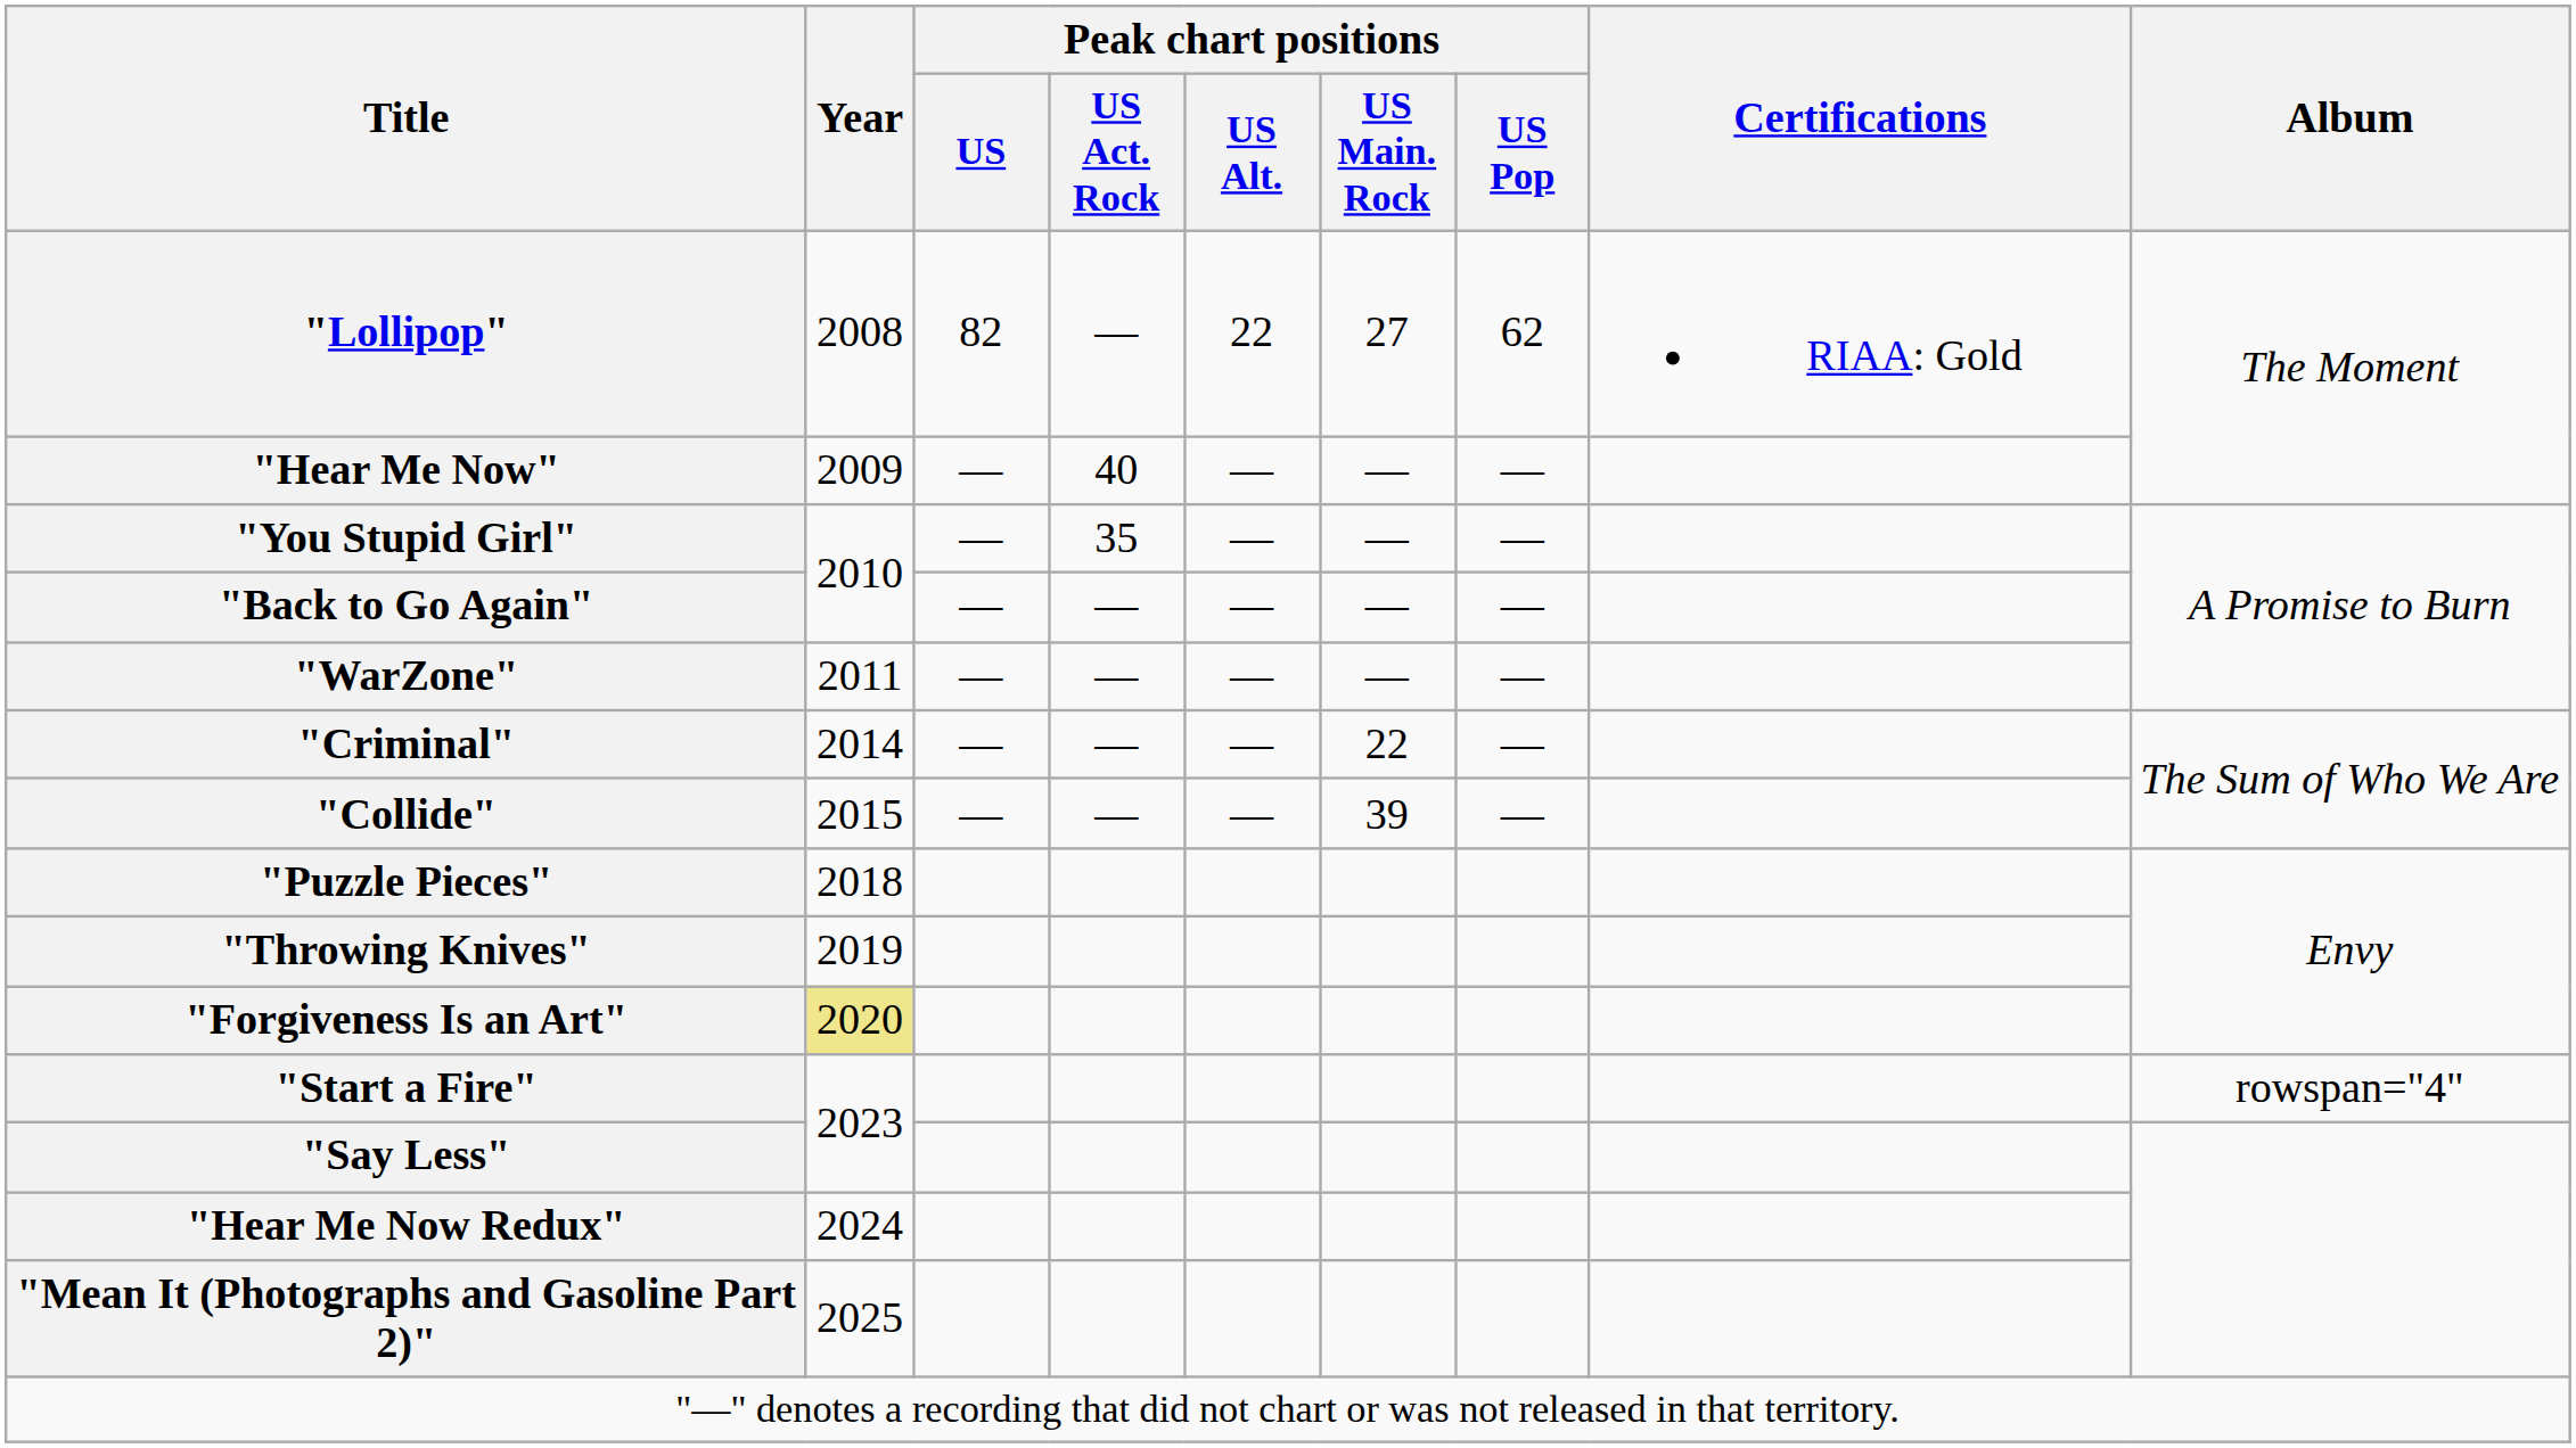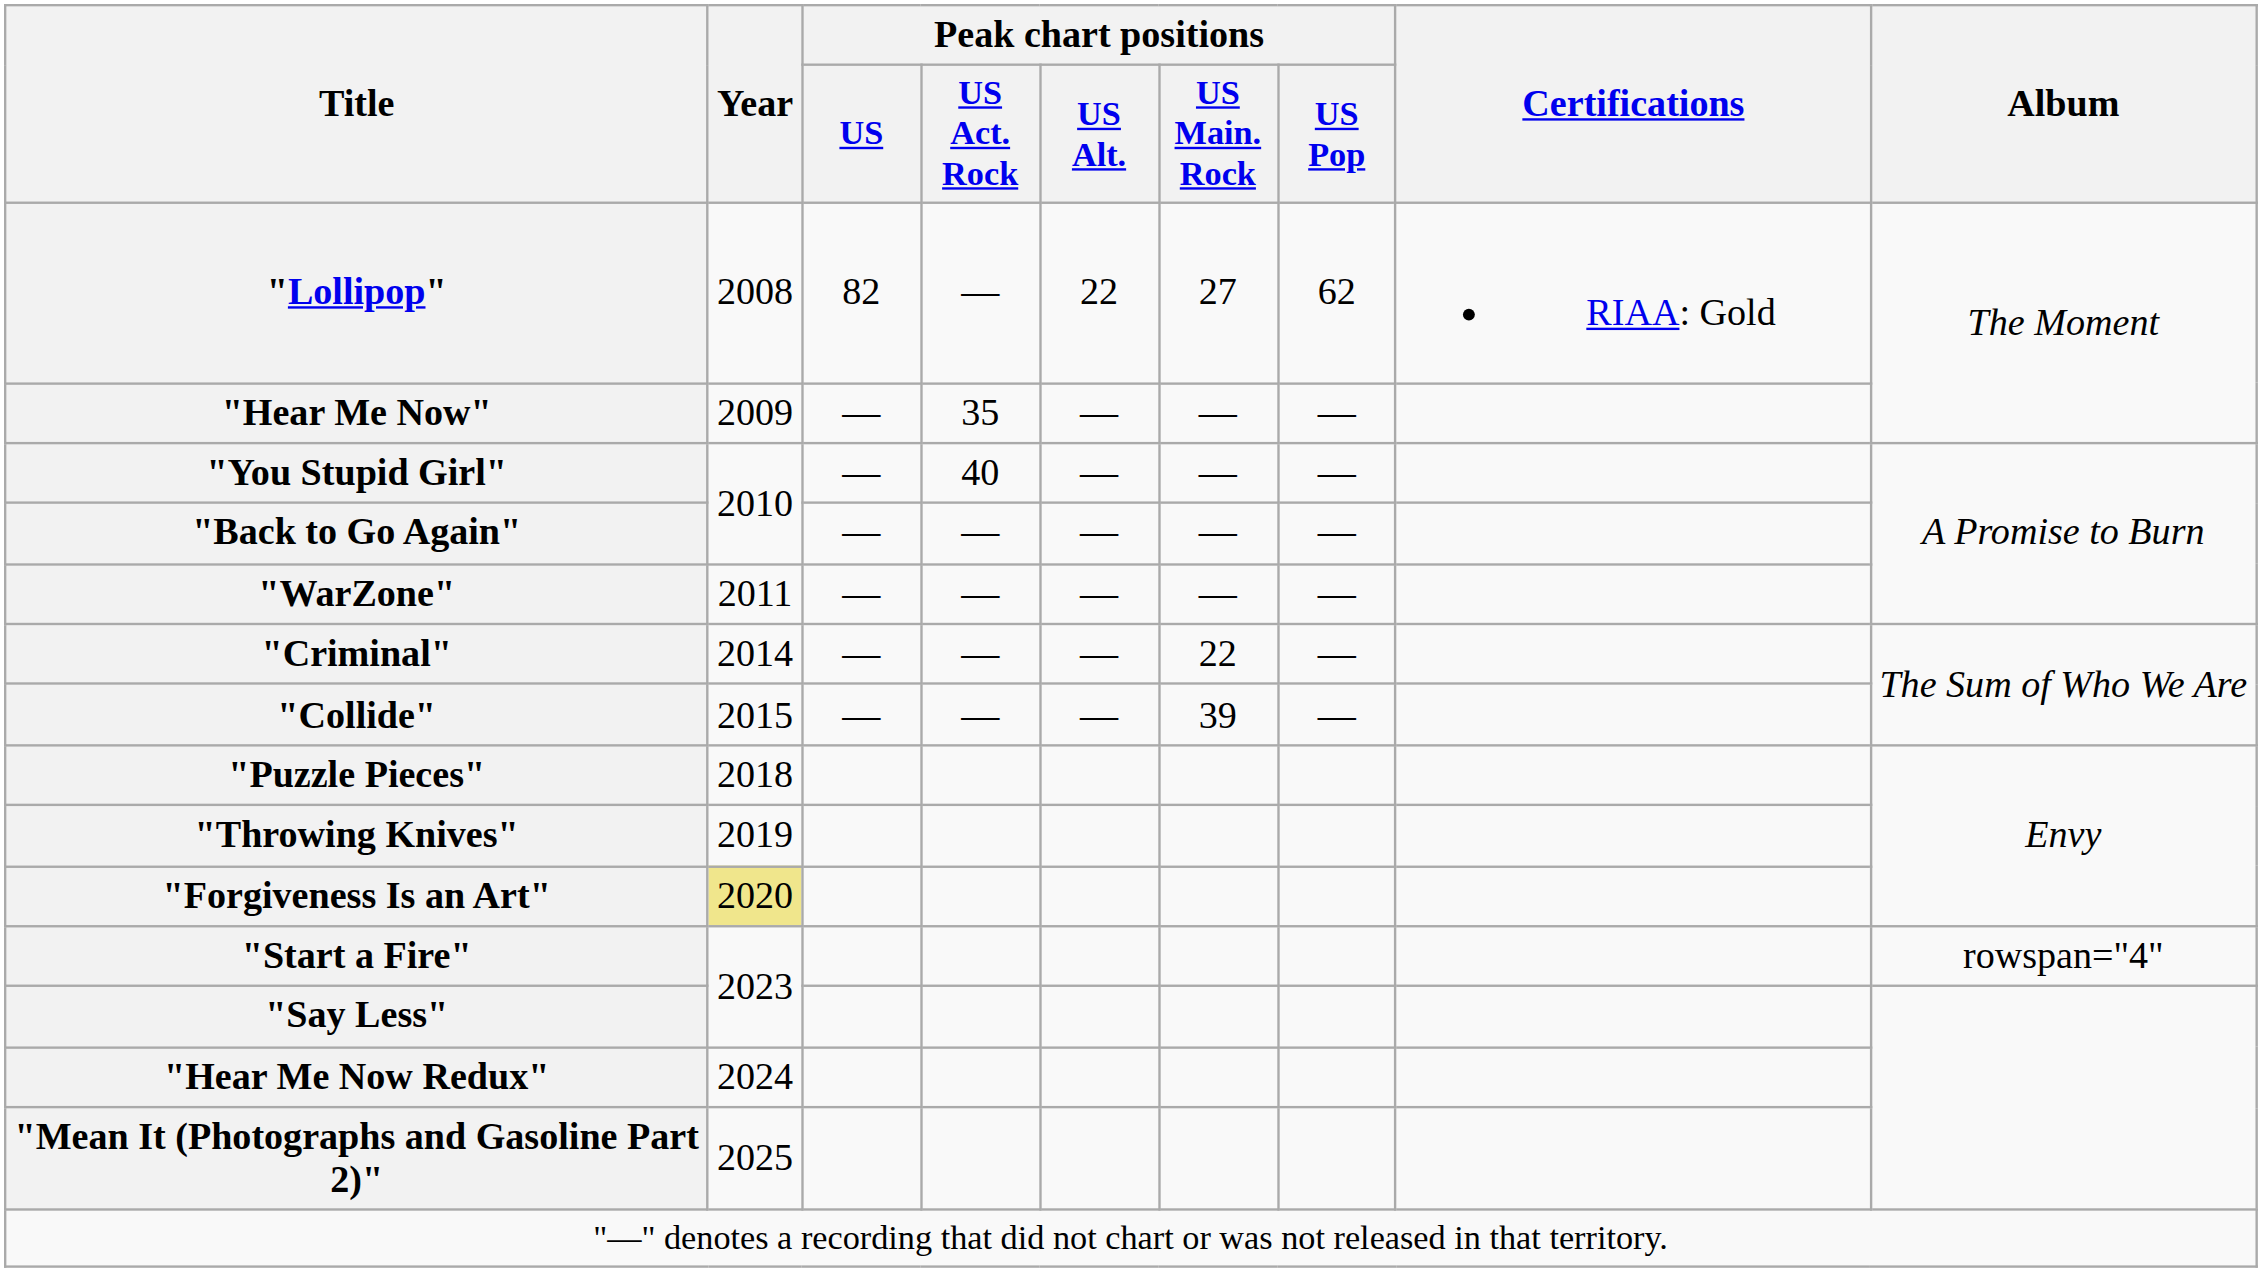 <table class="wikitable plainrowheaders" style="text-align:center;">
 <tr>
 <th scope="col" rowspan="2" style="width:18em;">Title</th>
 <th scope="col" rowspan="2">Year</th>
 <th scope="col" colspan="5">Peak chart positions</th>
 <th scope="col" rowspan="2" style="width:12em;"><a href='#'>Certifications</a></th>
 <th scope="col" rowspan="2">Album</th>
 </tr>
 <tr>
 <th scope="col" style="width:3em;font-size:90%;"><a href='#'>US</a><br></th>
 <th scope="col" style="width:3em;font-size:90%"><a href='#'>US Act. Rock</a></th>
 <th scope="col" style="width:3em;font-size:90%;"><a href='#'>US<br>Alt.</a><br></th>
 <th scope="col" style="width:3em;font-size:90%;"><a href='#'>US<br>Main.<br>Rock</a><br></th>
 <th scope="col" style="width:3em;font-size:90%;"><a href='#'>US<br>Pop</a><br></th>
 </tr>
 <tr>
 <th scope="row">"<a href='#'>Lollipop</a>" </th>
 <td>2008</td>
 <td>82</td>
 <td>—</td>
 <td>22</td>
 <td>27</td>
 <td>62</td>
 <td><br><ul><li><a href='#'>RIAA</a>: Gold</li></ul></td>
 <td rowspan="2"><em>The Moment</em></td>
 </tr>
 <tr>
 <th scope="row">"Hear Me Now"</th>
 <td>2009</td>
 <td>—</td>
-<td>40</td>
+<td>35</td>
 <td>—</td>
 <td>—</td>
 <td>—</td>
 <td></td>
 </tr>
 <tr>
 <th scope="row">"You Stupid Girl"</th>
 <td rowspan="2">2010</td>
 <td>—</td>
-<td>35</td>
+<td>40</td>
 <td>—</td>
 <td>—</td>
 <td>—</td>
 <td></td>
 <td rowspan="3"><em>A Promise to Burn</em></td>
 </tr>
 <tr>
 <th scope="row">"Back to Go Again"</th>
 <td>—</td>
 <td>—</td>
 <td>—</td>
 <td>—</td>
 <td>—</td>
 <td></td>
 </tr>
 <tr>
 <th scope="row">"WarZone"</th>
 <td>2011</td>
 <td>—</td>
 <td>—</td>
 <td>—</td>
 <td>—</td>
 <td>—</td>
 <td></td>
 </tr>
 <tr>
 <th scope="row">"Criminal"</th>
 <td>2014</td>
 <td>—</td>
 <td>—</td>
 <td>—</td>
 <td>22</td>
 <td>—</td>
 <td></td>
 <td rowspan="2"><em>The Sum of Who We Are</em></td>
 </tr>
 <tr>
 <th scope="row">"Collide"</th>
 <td>2015</td>
 <td>—</td>
 <td>—</td>
 <td>—</td>
 <td>39</td>
 <td>—</td>
 <td></td>
 </tr>
 <tr>
 <th scope="row">"Puzzle Pieces"</th>
 <td>2018</td>
 <td></td>
 <td></td>
 <td></td>
 <td></td>
 <td></td>
 <td></td>
 <td rowspan="3"><em>Envy</em></td>
 </tr>
 <tr>
 <th scope="row">"Throwing Knives"</th>
 <td>2019</td>
 <td></td>
 <td></td>
 <td></td>
 <td></td>
 <td></td>
 <td></td>
 </tr>
 <tr>
 <th scope="row">"Forgiveness Is an Art"</th>
 <td style="background: khaki;">2020</td>
 <td></td>
 <td></td>
 <td></td>
 <td></td>
 <td></td>
 <td></td>
 </tr>
 <tr>
 <th scope="row">"Start a Fire"</th>
 <td rowspan="2">2023</td>
 <td></td>
 <td></td>
 <td></td>
 <td></td>
 <td></td>
 <td></td>
 <td>rowspan="4" </td>
 </tr>
 <tr>
 <th scope="row">"Say Less"</th>
 <td></td>
 <td></td>
 <td></td>
 <td></td>
 <td></td>
 <td></td>
 </tr>
 <tr>
 <th scope="row">"Hear Me Now Redux" </th>
 <td>2024</td>
 <td></td>
 <td></td>
 <td></td>
 <td></td>
 <td></td>
 <td></td>
 </tr>
 <tr>
 <th scope="row">"Mean It (Photographs and Gasoline Part 2)"</th>
 <td>2025</td>
 <td></td>
 <td></td>
 <td></td>
 <td></td>
 <td></td>
 <td></td>
 </tr>
 <tr>
 <td colspan="9" style="font-size:90%">"—" denotes a recording that did not chart or was not released in that territory.</td>
 </tr>
 </table>
